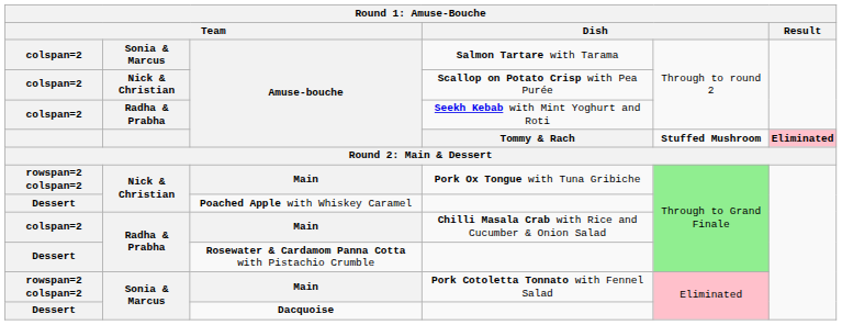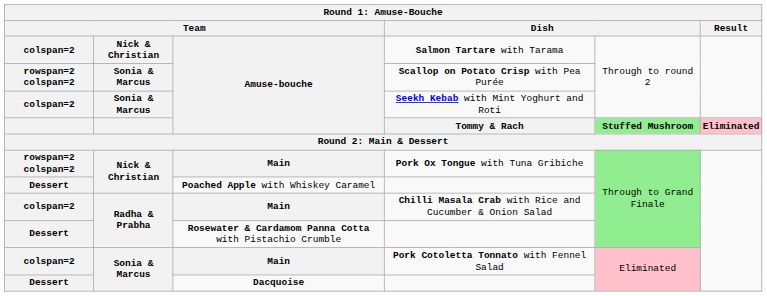 <table class="wikitable plainrowheaders" style="margin:1em auto; text-align:center; font-size:90%; width:80em;">
 <tr>
 <th colspan="8" >Round 1: Amuse-Bouche</th>
 </tr>
 <tr>
 <th colspan="3">Team</th>
 <th colspan="2">Dish</th>
 <th>Result</th>
 </tr>
 <tr>
 <th>colspan=2 </th>
-<th>Sonia & Marcus</th>
+<th>Nick & Christian</th>
 <th rowspan=4>Amuse-bouche</th>
 <td><strong>Salmon Tartare</strong> with Tarama</td>
 <td rowspan="3">Through to round 2</td>
 </tr>
 <tr>
-<th>colspan=2 </th>
-<th>Nick & Christian</th>
+<th>rowspan=2 colspan=2 </th>
+<th>Sonia & Marcus</th>
 <td><strong>Scallop on Potato Crisp</strong> with Pea Purée</td>
 </tr>
 <tr>
 <th>colspan=2 </th>
-<th>Radha & Prabha</th>
+<th>Sonia & Marcus</th>
 <td><strong><a href='#'>Seekh Kebab</a></strong> with Mint Yoghurt and Roti</td>
 </tr>
 <tr>
 <th></th>
 <th></th>
 <th>Tommy & Rach</th>
-<td><strong>Stuffed Mushroom</strong></td>
+<td style="background: lightgreen;"><strong>Stuffed Mushroom</strong></td>
 <td style="background:pink"><strong>Eliminated</strong></td>
 </tr>
 <tr>
 <th colspan="8" >Round 2: Main & Dessert</th>
 </tr>
 <tr>
 <th>rowspan=2 colspan=2 </th>
 <th rowspan=2>Nick & Christian</th>
 <th>Main</th>
 <td><strong>Pork Ox Tongue</strong> with Tuna Gribiche</td>
 <td rowspan="4" style="background:lightgreen">Through to Grand Finale</td>
 </tr>
 <tr>
 <th>Dessert</th>
 <td><strong>Poached Apple</strong> with Whiskey Caramel</td>
 </tr>
 <tr>
 <th>colspan=2 </th>
 <th rowspan=2>Radha & Prabha</th>
 <th>Main</th>
 <td><strong>Chilli Masala Crab</strong> with Rice and Cucumber & Onion Salad</td>
 </tr>
 <tr>
 <th>Dessert</th>
 <td><strong>Rosewater & Cardamom Panna Cotta</strong> with Pistachio Crumble</td>
 </tr>
 <tr>
-<th>rowspan=2 colspan=2 </th>
+<th>colspan=2 </th>
 <th rowspan=2>Sonia & Marcus</th>
 <th>Main</th>
 <td><strong>Pork Cotoletta Tonnato</strong> with Fennel Salad</td>
 <td rowspan=2 style="background:pink">Eliminated</td>
 </tr>
 <tr>
 <th>Dessert</th>
 <td><strong> Dacquoise</strong></td>
 </tr>
 </table>
